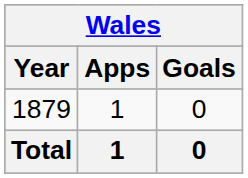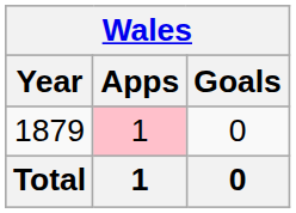 <table class="wikitable" style="text-align:center">
 <tr>
 <th colspan=3><a href='#'>Wales</a></th>
 </tr>
 <tr>
 <th>Year</th>
 <th>Apps</th>
 <th>Goals</th>
 </tr>
 <tr>
 <td>1879</td>
-<td>1</td>
+<td style="background: pink;">1</td>
 <td>0</td>
 </tr>
 <tr>
 <th>Total</th>
 <th>1</th>
 <th>0</th>
 </tr>
 </table>
